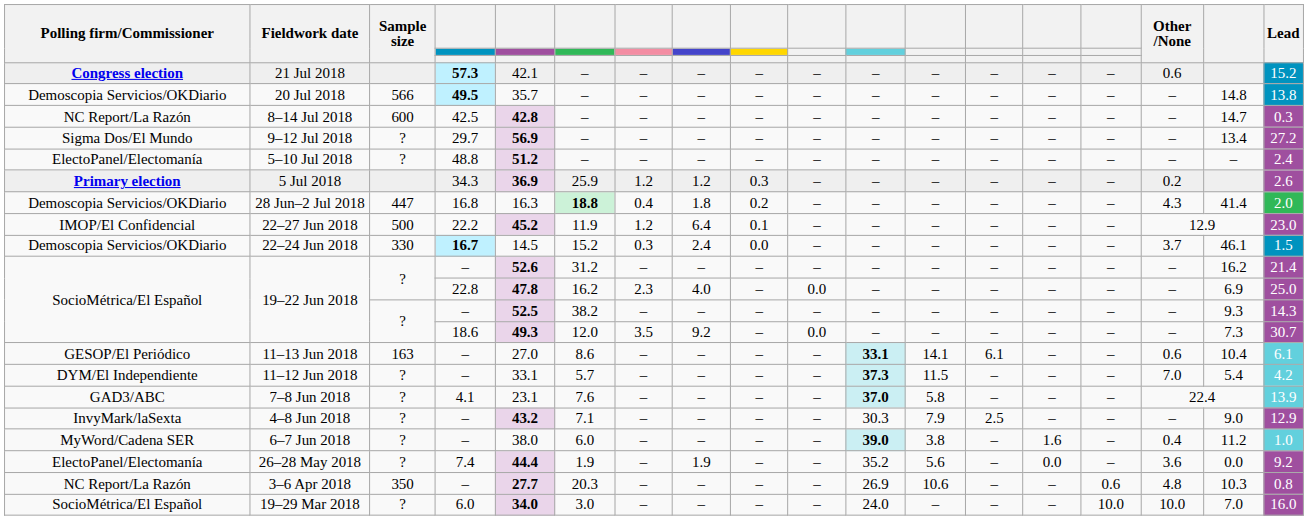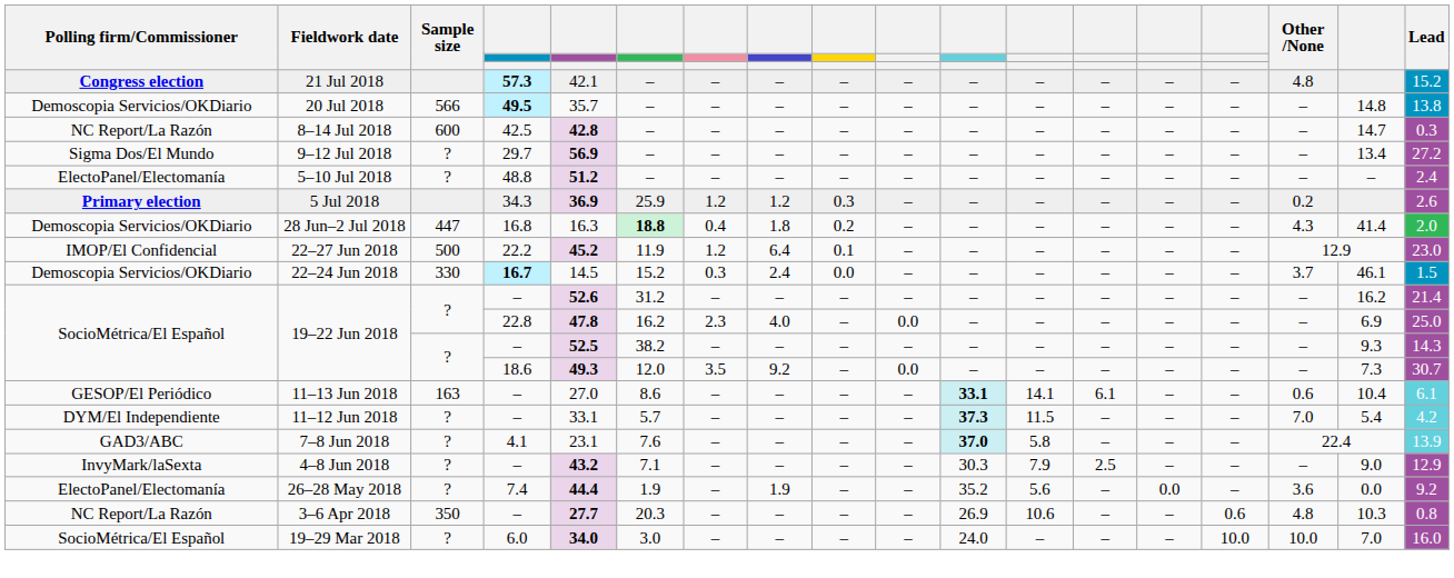 <table class="wikitable collapsible collapsed" style="text-align:center; font-size:90%; line-height:14px;">
 <tr style="height:42px;">
 <th style="width:260px;" rowspan="3">Polling firm/Commissioner</th>
 <th style="width:125px;" rowspan="3">Fieldwork date</th>
 <th style="width:60px;" rowspan="3">Sample size</th>
 <th style="width:60px;"></th>
 <th style="width:60px;"></th>
 <th style="width:60px;"></th>
 <th style="width:60px;"></th>
 <th style="width:60px;"></th>
 <th style="width:60px;"></th>
 <th style="width:60px;"></th>
 <th style="width:60px;"></th>
 <th style="width:60px;"></th>
 <th style="width:60px;"></th>
 <th style="width:60px;"></th>
 <th style="width:60px;"></th>
 <th style="width:60px;" rowspan="3">Other<br>/None</th>
 <th style="width:60px;" rowspan="3"></th>
 <th style="width:30px;" rowspan="3">Lead</th>
 </tr>
 <tr>
 <th style="color:inherit;background:#0093BF;"></th>
 <th style="color:inherit;background:#9F4F9F;"></th>
 <th style="color:inherit;background:#30B858;"></th>
 <th style="color:inherit;background:#F38DA3;"></th>
 <th style="color:inherit;background:#4444CA;"></th>
 <th style="color:inherit;background:#FFD700;"></th>
 <th style="color:inherit;background:"></th>
 <th style="color:inherit;background:#62D0DD;"></th>
 <th style="color:inherit;background:"></th>
 <th style="color:inherit;background:"></th>
 <th style="color:inherit;background:"></th>
 <th style="color:inherit;background:"></th>
 </tr>
 <tr>
 <th></th>
 <th></th>
 <th></th>
 <th></th>
 <th></th>
 <th></th>
 <th></th>
 <th></th>
 <th></th>
 <th></th>
 <th></th>
 <th></th>
 </tr>
 <tr style="color:inherit;background:#EFEFEF;">
 <td><strong><a href='#'>Congress election</a></strong></td>
 <td>21 Jul 2018</td>
 <td></td>
 <td style="color:inherit;background:#BFF1FF;"><strong>57.3</strong></td>
 <td>42.1</td>
 <td>–</td>
 <td>–</td>
 <td>–</td>
 <td>–</td>
 <td>–</td>
 <td>–</td>
 <td>–</td>
 <td>–</td>
 <td>–</td>
 <td>–</td>
-<td>0.6</td>
+<td>4.8</td>
 <td></td>
 <td style="color:inherit;background:#0093BF; color:white;">15.2</td>
 </tr>
 <tr>
 <td>Demoscopia Servicios/OKDiario</td>
 <td>20 Jul 2018</td>
 <td>566</td>
 <td style="color:inherit;background:#BFF1FF;"><strong>49.5</strong></td>
 <td>35.7</td>
 <td>–</td>
 <td>–</td>
 <td>–</td>
 <td>–</td>
 <td>–</td>
 <td>–</td>
 <td>–</td>
 <td>–</td>
 <td>–</td>
 <td>–</td>
 <td>–</td>
 <td>14.8</td>
 <td style="color:inherit;background:#0093BF; color:white;">13.8</td>
 </tr>
 <tr>
 <td>NC Report/La Razón</td>
 <td>8–14 Jul 2018</td>
 <td>600</td>
 <td>42.5</td>
 <td style="color:inherit;background:#EAD5EA;"><strong>42.8</strong></td>
 <td>–</td>
 <td>–</td>
 <td>–</td>
 <td>–</td>
 <td>–</td>
 <td>–</td>
 <td>–</td>
 <td>–</td>
 <td>–</td>
 <td>–</td>
 <td>–</td>
 <td>14.7</td>
 <td style="color:inherit;background:#9F4F9F; color:white;">0.3</td>
 </tr>
 <tr>
 <td>Sigma Dos/El Mundo</td>
 <td>9–12 Jul 2018</td>
 <td>?</td>
 <td>29.7</td>
 <td style="color:inherit;background:#EAD5EA;"><strong>56.9</strong></td>
 <td>–</td>
 <td>–</td>
 <td>–</td>
 <td>–</td>
 <td>–</td>
 <td>–</td>
 <td>–</td>
 <td>–</td>
 <td>–</td>
 <td>–</td>
 <td>–</td>
 <td>13.4</td>
 <td style="color:inherit;background:#9F4F9F; color:white;">27.2</td>
 </tr>
 <tr>
 <td>ElectoPanel/Electomanía</td>
 <td>5–10 Jul 2018</td>
 <td>?</td>
 <td>48.8</td>
 <td style="color:inherit;background:#EAD5EA;"><strong>51.2</strong></td>
 <td>–</td>
 <td>–</td>
 <td>–</td>
 <td>–</td>
 <td>–</td>
 <td>–</td>
 <td>–</td>
 <td>–</td>
 <td>–</td>
 <td>–</td>
 <td>–</td>
 <td>–</td>
 <td style="color:inherit;background:#9F4F9F; color:white;">2.4</td>
 </tr>
 <tr style="color:inherit;background:#EFEFEF;">
 <td><strong><a href='#'>Primary election</a></strong></td>
 <td>5 Jul 2018</td>
 <td></td>
 <td>34.3</td>
 <td style="color:inherit;background:#EAD5EA;"><strong>36.9</strong></td>
 <td>25.9</td>
 <td>1.2</td>
 <td>1.2</td>
 <td>0.3</td>
 <td>–</td>
 <td>–</td>
 <td>–</td>
 <td>–</td>
 <td>–</td>
 <td>–</td>
 <td>0.2</td>
 <td></td>
 <td style="color:inherit;background:#9F4F9F; color:white;">2.6</td>
 </tr>
 <tr>
 <td>Demoscopia Servicios/OKDiario</td>
 <td>28 Jun–2 Jul 2018</td>
 <td>447</td>
 <td>16.8</td>
 <td>16.3</td>
 <td style="color:inherit;background:#CCF2D8;"><strong>18.8</strong></td>
 <td>0.4</td>
 <td>1.8</td>
 <td>0.2</td>
 <td>–</td>
 <td>–</td>
 <td>–</td>
 <td>–</td>
 <td>–</td>
 <td>–</td>
 <td>4.3</td>
 <td>41.4</td>
 <td style="color:inherit;background:#30B858; color:white;">2.0</td>
 </tr>
 <tr>
 <td>IMOP/El Confidencial</td>
 <td>22–27 Jun 2018</td>
 <td>500</td>
 <td>22.2</td>
 <td style="color:inherit;background:#EAD5EA;"><strong>45.2</strong></td>
 <td>11.9</td>
 <td>1.2</td>
 <td>6.4</td>
 <td>0.1</td>
 <td>–</td>
 <td>–</td>
 <td>–</td>
 <td>–</td>
 <td>–</td>
 <td>–</td>
 <td colspan="2">12.9</td>
 <td style="color:inherit;background:#9F4F9F; color:white;">23.0</td>
 </tr>
 <tr>
 <td>Demoscopia Servicios/OKDiario</td>
 <td>22–24 Jun 2018</td>
 <td>330</td>
 <td style="color:inherit;background:#BFF1FF;"><strong>16.7</strong></td>
 <td>14.5</td>
 <td>15.2</td>
 <td>0.3</td>
 <td>2.4</td>
 <td>0.0</td>
 <td>–</td>
 <td>–</td>
 <td>–</td>
 <td>–</td>
 <td>–</td>
 <td>–</td>
 <td>3.7</td>
 <td>46.1</td>
 <td style="color:inherit;background:#0093BF; color:white;">1.5</td>
 </tr>
 <tr>
 <td rowspan="4">SocioMétrica/El Español</td>
 <td rowspan="4">19–22 Jun 2018</td>
 <td rowspan="2">?</td>
 <td>–</td>
 <td style="color:inherit;background:#EAD5EA;"><strong>52.6</strong></td>
 <td>31.2</td>
 <td>–</td>
 <td>–</td>
 <td>–</td>
 <td>–</td>
 <td>–</td>
 <td>–</td>
 <td>–</td>
 <td>–</td>
 <td>–</td>
 <td>–</td>
 <td>16.2</td>
 <td style="color:inherit;background:#9F4F9F; color:white;">21.4</td>
 </tr>
 <tr>
 <td>22.8</td>
 <td style="color:inherit;background:#EAD5EA;"><strong>47.8</strong></td>
 <td>16.2</td>
 <td>2.3</td>
 <td>4.0</td>
 <td>–</td>
 <td>0.0</td>
 <td>–</td>
 <td>–</td>
 <td>–</td>
 <td>–</td>
 <td>–</td>
 <td>–</td>
 <td>6.9</td>
 <td style="color:inherit;background:#9F4F9F; color:white;">25.0</td>
 </tr>
 <tr>
 <td rowspan="2">?</td>
 <td>–</td>
 <td style="color:inherit;background:#EAD5EA;"><strong>52.5</strong></td>
 <td>38.2</td>
 <td>–</td>
 <td>–</td>
 <td>–</td>
 <td>–</td>
 <td>–</td>
 <td>–</td>
 <td>–</td>
 <td>–</td>
 <td>–</td>
 <td>–</td>
 <td>9.3</td>
 <td style="color:inherit;background:#9F4F9F; color:white;">14.3</td>
 </tr>
 <tr>
 <td>18.6</td>
 <td style="color:inherit;background:#EAD5EA;"><strong>49.3</strong></td>
 <td>12.0</td>
 <td>3.5</td>
 <td>9.2</td>
 <td>–</td>
 <td>0.0</td>
 <td>–</td>
 <td>–</td>
 <td>–</td>
 <td>–</td>
 <td>–</td>
 <td>–</td>
 <td>7.3</td>
 <td style="color:inherit;background:#9F4F9F; color:white;">30.7</td>
 </tr>
 <tr>
 <td>GESOP/El Periódico</td>
 <td>11–13 Jun 2018</td>
 <td>163</td>
 <td>–</td>
 <td>27.0</td>
 <td>8.6</td>
 <td>–</td>
 <td>–</td>
 <td>–</td>
 <td>–</td>
 <td style="color:inherit;background:#CBEFF3;"><strong>33.1</strong></td>
 <td>14.1</td>
 <td>6.1</td>
 <td>–</td>
 <td>–</td>
 <td>0.6</td>
 <td>10.4</td>
 <td style="color:inherit;background:#62D0DD; color:white;">6.1</td>
 </tr>
 <tr>
 <td>DYM/El Independiente</td>
 <td>11–12 Jun 2018</td>
 <td>?</td>
 <td>–</td>
 <td>33.1</td>
 <td>5.7</td>
 <td>–</td>
 <td>–</td>
 <td>–</td>
 <td>–</td>
 <td style="color:inherit;background:#CBEFF3;"><strong>37.3</strong></td>
 <td>11.5</td>
 <td>–</td>
 <td>–</td>
 <td>–</td>
 <td>7.0</td>
 <td>5.4</td>
 <td style="color:inherit;background:#62D0DD; color:white;">4.2</td>
 </tr>
 <tr>
 <td>GAD3/ABC</td>
 <td>7–8 Jun 2018</td>
 <td>?</td>
 <td>4.1</td>
 <td>23.1</td>
 <td>7.6</td>
 <td>–</td>
 <td>–</td>
 <td>–</td>
 <td>–</td>
 <td style="color:inherit;background:#CBEFF3;"><strong>37.0</strong></td>
 <td>5.8</td>
 <td>–</td>
 <td>–</td>
 <td>–</td>
 <td colspan="2">22.4</td>
 <td style="color:inherit;background:#62D0DD; color:white;">13.9</td>
 </tr>
 <tr>
 <td>InvyMark/laSexta</td>
 <td>4–8 Jun 2018</td>
 <td>?</td>
 <td>–</td>
 <td style="color:inherit;background:#EAD5EA;"><strong>43.2</strong></td>
 <td>7.1</td>
 <td>–</td>
 <td>–</td>
 <td>–</td>
 <td>–</td>
 <td>30.3</td>
 <td>7.9</td>
 <td>2.5</td>
 <td>–</td>
 <td>–</td>
 <td>–</td>
 <td>9.0</td>
 <td style="color:inherit;background:#9F4F9F; color:white;">12.9</td>
 </tr>
 <tr>
-<td>MyWord/Cadena SER</td>
-<td>6–7 Jun 2018</td>
-<td>?</td>
-<td>–</td>
-<td>38.0</td>
-<td>6.0</td>
-<td>–</td>
-<td>–</td>
-<td>–</td>
-<td>–</td>
-<td style="color:inherit;background:#CBEFF3;"><strong>39.0</strong></td>
-<td>3.8</td>
-<td>–</td>
-<td>1.6</td>
-<td>–</td>
-<td>0.4</td>
-<td>11.2</td>
-<td style="color:inherit;background:#62D0DD; color:white;">1.0</td>
-</tr>
-<tr>
 <td>ElectoPanel/Electomanía</td>
 <td>26–28 May 2018</td>
 <td>?</td>
 <td>7.4</td>
 <td style="color:inherit;background:#EAD5EA;"><strong>44.4</strong></td>
 <td>1.9</td>
 <td>–</td>
 <td>1.9</td>
 <td>–</td>
 <td>–</td>
 <td>35.2</td>
 <td>5.6</td>
 <td>–</td>
 <td>0.0</td>
 <td>–</td>
 <td>3.6</td>
 <td>0.0</td>
 <td style="color:inherit;background:#9F4F9F; color:white;">9.2</td>
 </tr>
 <tr>
 <td>NC Report/La Razón</td>
 <td>3–6 Apr 2018</td>
 <td>350</td>
 <td>–</td>
 <td style="color:inherit;background:#EAD5EA;"><strong>27.7</strong></td>
 <td>20.3</td>
 <td>–</td>
 <td>–</td>
 <td>–</td>
 <td>–</td>
 <td>26.9</td>
 <td>10.6</td>
 <td>–</td>
 <td>–</td>
 <td>0.6</td>
 <td>4.8</td>
 <td>10.3</td>
 <td style="color:inherit;background:#9F4F9F; color:white;">0.8</td>
 </tr>
 <tr>
 <td>SocioMétrica/El Español</td>
 <td>19–29 Mar 2018</td>
 <td>?</td>
 <td>6.0</td>
 <td style="color:inherit;background:#EAD5EA;"><strong>34.0</strong></td>
 <td>3.0</td>
 <td>–</td>
 <td>–</td>
 <td>–</td>
 <td>–</td>
 <td>24.0</td>
 <td>–</td>
 <td>–</td>
 <td>–</td>
 <td>10.0</td>
 <td>10.0</td>
 <td>7.0</td>
 <td style="color:inherit;background:#9F4F9F; color:white;">16.0</td>
 </tr>
 </table>
